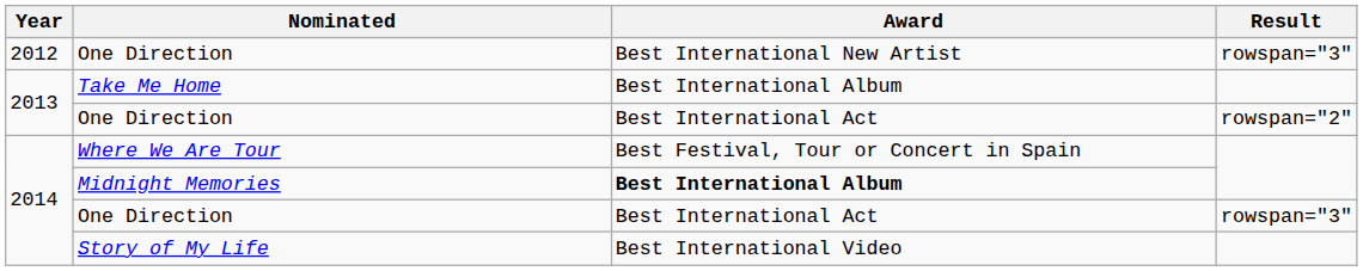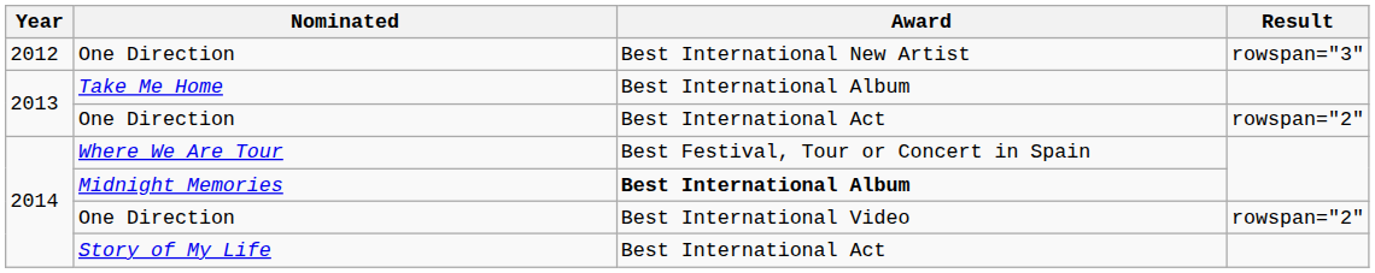 <table class="wikitable" style="width:100%;">
 <tr>
 <th width=5%>Year</th>
 <th style="width:40%;">Nominated</th>
 <th style="width:45%;">Award</th>
 <th style="width:10%;">Result</th>
 </tr>
 <tr>
 <td>2012</td>
 <td>One Direction</td>
 <td>Best International New Artist</td>
 <td>rowspan="3" </td>
 </tr>
 <tr>
 <td rowspan="2">2013</td>
 <td><em><a href='#'>Take Me Home</a></em></td>
 <td>Best International Album</td>
 </tr>
 <tr>
 <td>One Direction</td>
 <td>Best International Act</td>
 <td>rowspan="2" </td>
 </tr>
 <tr>
 <td rowspan="4">2014</td>
 <td><em><a href='#'>Where We Are Tour</a></em></td>
 <td>Best Festival, Tour or Concert in Spain</td>
 </tr>
 <tr>
 <td><em><a href='#'>Midnight Memories</a></em></td>
 <td><strong>Best International Album</strong></td>
 </tr>
 <tr>
 <td>One Direction</td>
-<td>Best International Act</td>
-<td>rowspan="3" </td>
+<td>Best International Video</td>
+<td>rowspan="2" </td>
 </tr>
 <tr>
 <td><em><a href='#'>Story of My Life</a></em></td>
-<td>Best International Video</td>
+<td>Best International Act</td>
 </tr>
 </table>
